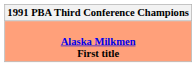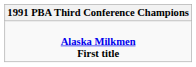 <table class=wikitable style="text-align:center; margin:auto">
 <tr>
 <th>1991 PBA Third Conference Champions</th>
 </tr>
 <tr>
-<td style="background: lightsalmon;"><br> <strong><a href='#'>Alaska Milkmen</a></strong> <br> <strong>First title</strong></td>
+<td><br> <strong><a href='#'>Alaska Milkmen</a></strong> <br> <strong>First title</strong></td>
 </tr>
 </table>
